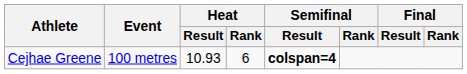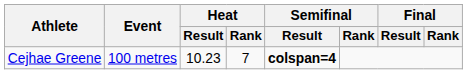 <table class="wikitable" style="font-size:90%">
 <tr>
 <th rowspan="2">Athlete</th>
 <th rowspan="2">Event</th>
 <th colspan="2">Heat</th>
 <th colspan="2">Semifinal</th>
 <th colspan="2">Final</th>
 </tr>
 <tr style="font-size:95%">
 <th>Result</th>
 <th>Rank</th>
 <th>Result</th>
 <th>Rank</th>
 <th>Result</th>
 <th>Rank</th>
 </tr>
 <tr align=center>
 <td align=left><a href='#'>Cejhae Greene</a></td>
 <td align=left><a href='#'>100 metres</a></td>
-<td>10.93</td>
-<td>6</td>
+<td>10.23</td>
+<td>7</td>
 <td><strong>colspan=4 </strong></td>
 </tr>
 </table>
